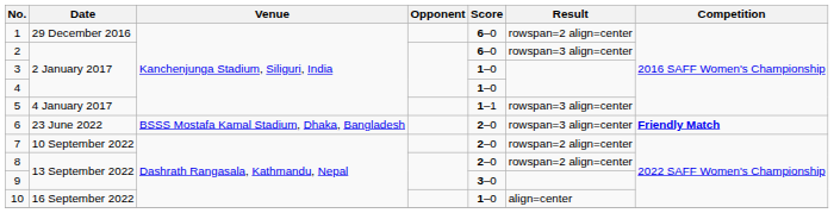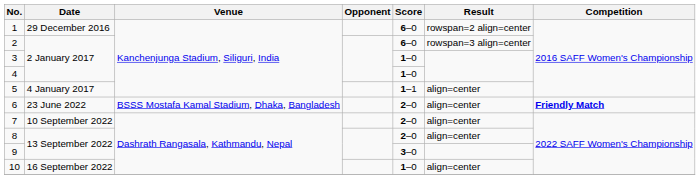 <table class="wikitable">
 <tr>
 <th>No.</th>
 <th>Date</th>
 <th>Venue</th>
 <th>Opponent</th>
 <th>Score</th>
 <th>Result</th>
 <th>Competition</th>
 </tr>
 <tr>
 <td align="center">1</td>
 <td>29 December 2016</td>
 <td rowspan=5><a href='#'>Kanchenjunga Stadium</a>, <a href='#'>Siliguri</a>, <a href='#'>India</a></td>
 <td></td>
 <td align=center><strong>6</strong>–0</td>
 <td>rowspan=2 align=center </td>
 <td rowspan=5><a href='#'>2016 SAFF Women's Championship</a></td>
 </tr>
 <tr>
 <td align=center>2</td>
 <td rowspan=3>2 January 2017</td>
 <td rowspan=3></td>
 <td align=center><strong>6</strong>–0</td>
 <td>rowspan=3 align=center </td>
 </tr>
 <tr>
 <td align=center>3</td>
 <td align=center><strong>1</strong>–0</td>
 </tr>
 <tr>
 <td align=center>4</td>
 <td align=center><strong>1</strong>–0</td>
 </tr>
 <tr>
 <td align=center>5</td>
 <td>4 January 2017</td>
 <td></td>
 <td align=center><strong>1</strong>–1</td>
-<td>rowspan=3 align=center </td>
+<td>align=center </td>
 </tr>
 <tr>
 <td align=center>6</td>
 <td>23 June 2022</td>
 <td><a href='#'>BSSS Mostafa Kamal Stadium</a>, <a href='#'>Dhaka</a>, <a href='#'>Bangladesh</a></td>
 <td></td>
 <td align=center><strong>2</strong>–0</td>
-<td>rowspan=3 align=center </td>
+<td>align=center </td>
 <td><strong><a href='#'>Friendly Match</a></strong></td>
 </tr>
 <tr>
 <td align=center>7</td>
 <td>10 September 2022</td>
 <td rowspan="4"><a href='#'>Dashrath Rangasala</a>, <a href='#'>Kathmandu</a>, <a href='#'>Nepal</a></td>
 <td></td>
 <td align=center><strong>2</strong>–0</td>
-<td>rowspan=2 align=center </td>
+<td>align=center </td>
 <td rowspan="4"><a href='#'>2022 SAFF Women's Championship</a></td>
 </tr>
 <tr>
 <td align=center>8</td>
 <td rowspan="2">13 September 2022</td>
 <td rowspan="2"></td>
 <td align=center><strong>2</strong>–0</td>
-<td>rowspan=2 align=center </td>
+<td>align=center </td>
 </tr>
 <tr>
 <td align=center>9</td>
 <td align=center><strong>3</strong>–0</td>
 </tr>
 <tr>
 <td align=center>10</td>
 <td>16 September 2022</td>
 <td></td>
 <td align=center><strong>1</strong>–0</td>
 <td>align=center </td>
 </tr>
 <tr>
 </tr>
 </table>
